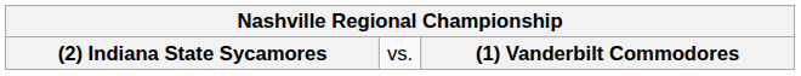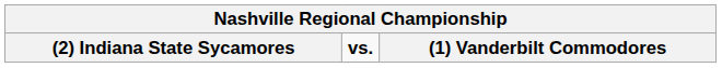 <table class="wikitable">
 <tr>
 <th style="width: 604px;" colspan=3>Nashville Regional Championship</th>
 </tr>
 <tr>
 <th style="width: 289px; ">(2) Indiana State Sycamores</th>
-<td style="width: 25px; text-align:center">vs.</td>
+<td style="width: 25px; text-align:center"><strong>vs.</strong></td>
 <th style="width: 289px; ">(1) Vanderbilt Commodores</th>
 </tr>
 </table>
